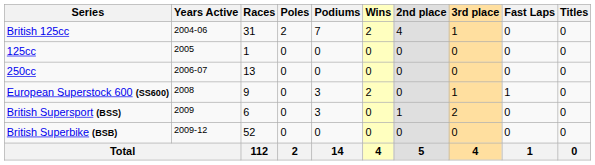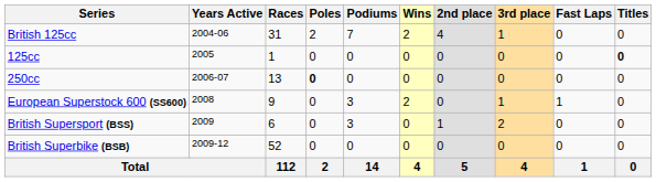 <table class="wikitable">
 <tr>
 <th colspan=2>Series</th>
 <th>Years Active</th>
 <th>Races</th>
 <th>Poles</th>
 <th>Podiums</th>
 <td style="background:#ffffbf;"><strong>Wins</strong></td>
 <td style="background:#DFDFDF;"><strong>2nd place</strong></td>
 <td style="background:#FFDF9F;"><strong>3rd place</strong></td>
 <th>Fast Laps</th>
 <th>Titles</th>
 </tr>
 <tr>
 <td colspan=2><a href='#'>British 125cc</a></td>
 <td><sup>2004-06</sup></td>
 <td>31</td>
 <td>2</td>
 <td>7</td>
 <td style="background:#ffffbf;">2</td>
 <td style="background:#DFDFDF;">4</td>
 <td style="background:#FFDF9F;">1</td>
 <td>0</td>
 <td>0</td>
 </tr>
 <tr>
 <td colspan=2><a href='#'>125cc</a></td>
 <td><sup>2005</sup></td>
 <td>1</td>
 <td>0</td>
 <td>0</td>
 <td style="background:#ffffbf;">0</td>
 <td style="background:#DFDFDF;">0</td>
 <td style="background:#FFDF9F;">0</td>
 <td>0</td>
-<td>0</td>
+<td><strong>0</strong></td>
 </tr>
 <tr>
 <td colspan=2><a href='#'>250cc</a></td>
 <td><sup>2006-07</sup></td>
 <td>13</td>
-<td>0</td>
+<td><strong>0</strong></td>
 <td>0</td>
 <td style="background:#ffffbf;">0</td>
 <td style="background:#DFDFDF;">0</td>
 <td style="background:#FFDF9F;">0</td>
 <td>0</td>
 <td>0</td>
 </tr>
 <tr>
 <td colspan=2><a href='#'>European Superstock 600</a> <small><strong>(SS600)</strong></small></td>
 <td><sup>2008</sup></td>
 <td>9</td>
 <td>0</td>
 <td>3</td>
 <td style="background:#ffffbf;">2</td>
 <td style="background:#DFDFDF;">0</td>
 <td style="background:#FFDF9F;">1</td>
 <td>1</td>
 <td>0</td>
 </tr>
 <tr>
 <td colspan=2><a href='#'>British Supersport</a> <small><strong>(BSS)</strong></small></td>
 <td><sup>2009</sup></td>
 <td>6</td>
 <td>0</td>
 <td>3</td>
 <td style="background:#ffffbf;">0</td>
 <td style="background:#DFDFDF;">1</td>
 <td style="background:#FFDF9F;">2</td>
 <td>0</td>
 <td>0</td>
 </tr>
 <tr>
 <td colspan=2><a href='#'>British Superbike</a> <small><strong>(BSB)</strong></small></td>
 <td><sup>2009-12</sup></td>
 <td>52</td>
 <td>0</td>
 <td>0</td>
 <td style="background:#ffffbf;">0</td>
 <td style="background:#DFDFDF;">0</td>
 <td style="background:#FFDF9F;">0</td>
 <td>0</td>
 <td>0</td>
 </tr>
 <tr>
 <th colspan=3>Total</th>
 <th>112</th>
 <th>2</th>
 <th>14</th>
 <th style="background:#ffffbf;">4</th>
 <th style="background:#DFDFDF;">5</th>
 <th style="background:#FFDF9F;">4</th>
 <th>1</th>
 <th>0</th>
 </tr>
 </table>
